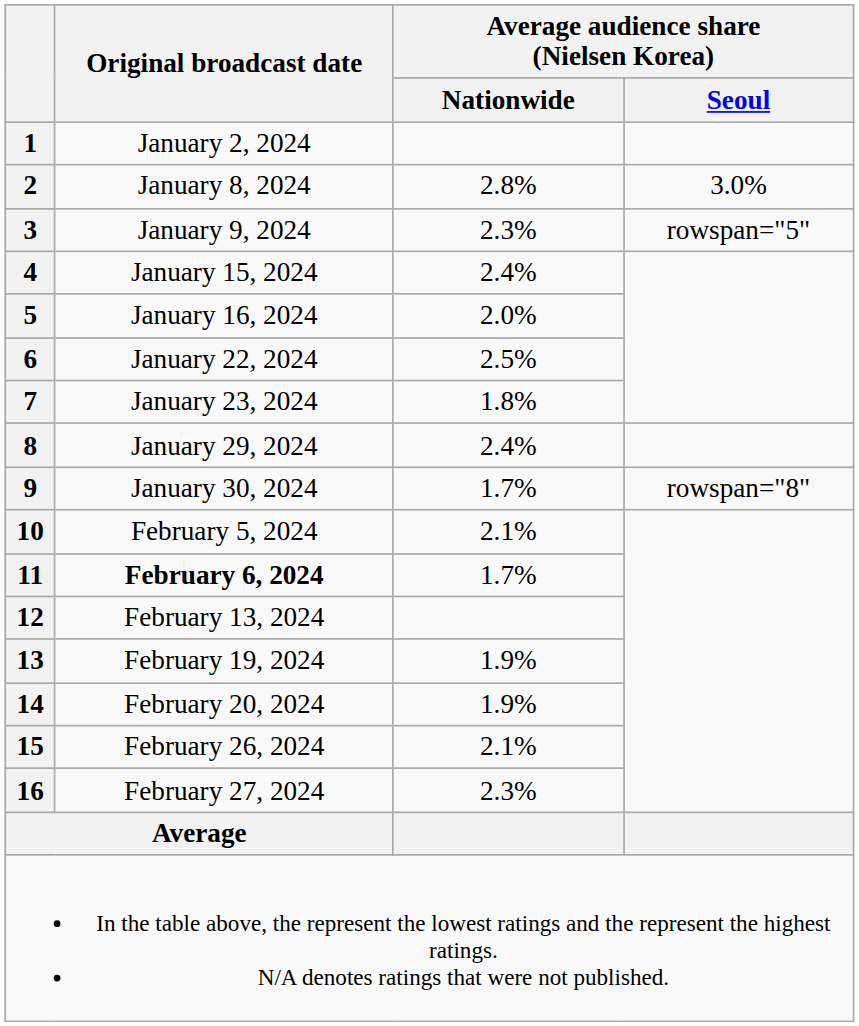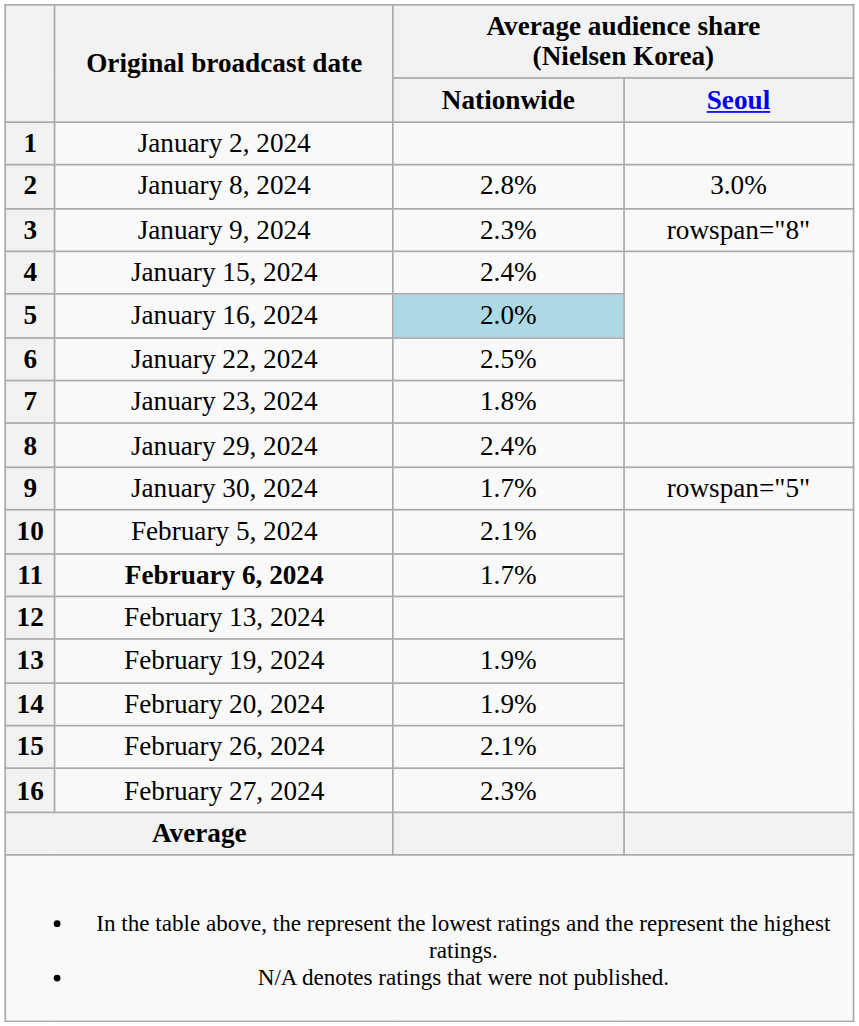 <table class="wikitable" style="margin-left:auto; margin-right:auto; width:500px; text-align:center">
 <tr>
 <th scope="col" rowspan="2"></th>
 <th scope="col" rowspan="2">Original broadcast date</th>
 <th scope="col" colspan="2">Average audience share<br>(Nielsen Korea)</th>
 </tr>
 <tr>
 <th scope="col" style="width:8em">Nationwide</th>
 <th scope="col" style="width:8em"><a href='#'>Seoul</a></th>
 </tr>
 <tr>
 <th scope="row">1</th>
 <td>January 2, 2024</td>
 <td><strong></strong> </td>
 <td><strong></strong> </td>
 </tr>
 <tr>
 <th scope="row">2</th>
 <td>January 8, 2024</td>
 <td>2.8% </td>
 <td>3.0% </td>
 </tr>
 <tr>
 <th scope="row">3</th>
 <td>January 9, 2024</td>
 <td>2.3% </td>
-<td>rowspan="5" </td>
+<td>rowspan="8" </td>
 </tr>
 <tr>
 <th scope="row">4</th>
 <td>January 15, 2024</td>
 <td>2.4% </td>
 </tr>
 <tr>
 <th scope="row">5</th>
 <td>January 16, 2024</td>
-<td>2.0% </td>
+<td style="background: lightblue;">2.0% </td>
 </tr>
 <tr>
 <th scope="row">6</th>
 <td>January 22, 2024</td>
 <td>2.5% </td>
 </tr>
 <tr>
 <th scope="row">7</th>
 <td>January 23, 2024</td>
 <td>1.8% </td>
 </tr>
 <tr>
 <th scope="row">8</th>
 <td>January 29, 2024</td>
 <td>2.4% </td>
 <td><strong></strong> </td>
 </tr>
 <tr>
 <th scope="row">9</th>
 <td>January 30, 2024</td>
 <td>1.7% </td>
-<td>rowspan="8" </td>
+<td>rowspan="5" </td>
 </tr>
 <tr>
 <th scope="row">10</th>
 <td>February 5, 2024</td>
 <td>2.1% </td>
 </tr>
 <tr>
 <th scope="row">11</th>
 <td><strong>February 6, 2024</strong></td>
 <td>1.7% </td>
 </tr>
 <tr>
 <th scope="row">12</th>
 <td>February 13, 2024</td>
 <td><strong></strong> </td>
 </tr>
 <tr>
 <th scope="row">13</th>
 <td>February 19, 2024</td>
 <td>1.9% </td>
 </tr>
 <tr>
 <th scope="row">14</th>
 <td>February 20, 2024</td>
 <td>1.9% </td>
 </tr>
 <tr>
 <th scope="row">15</th>
 <td>February 26, 2024</td>
 <td>2.1% </td>
 </tr>
 <tr>
 <th scope="row">16</th>
 <td>February 27, 2024</td>
 <td>2.3% </td>
 </tr>
 <tr>
 <th scope="col" colspan="2">Average</th>
 <th scope="col"></th>
 <th scope="col"></th>
 </tr>
 <tr>
 <td colspan="4" style="font-size:85%"><br><ul><li>In the table above, the <strong></strong> represent the lowest ratings and the <strong></strong> represent the highest ratings.</li><li>N/A denotes ratings that were not published.</li></ul></td>
 </tr>
 </table>
